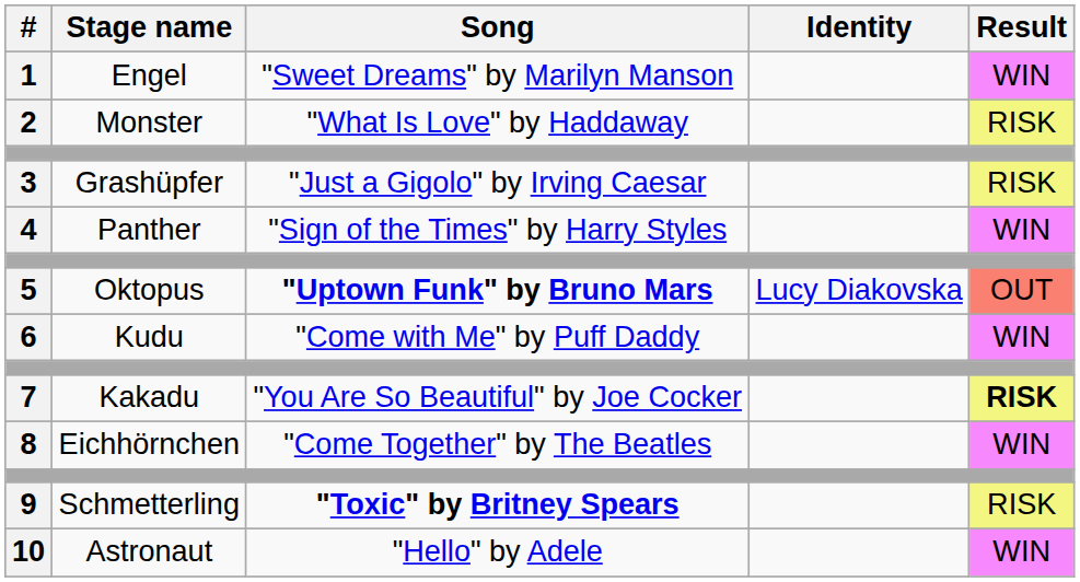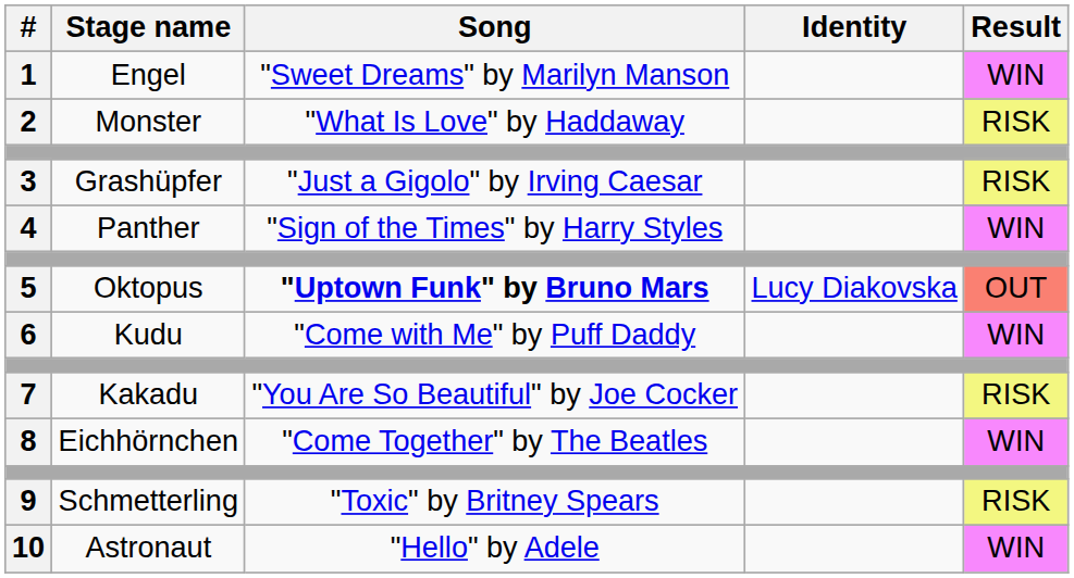 <table class="wikitable plainrowheaders" style="text-align: center;">
 <tr>
 <th>#</th>
 <th>Stage name</th>
 <th>Song</th>
 <th>Identity</th>
 <th>Result</th>
 </tr>
 <tr>
 <th>1</th>
 <td>Engel</td>
 <td>"<a href='#'>Sweet Dreams</a>" by <a href='#'>Marilyn Manson</a></td>
 <td></td>
 <td bgcolor=#F888FD>WIN</td>
 </tr>
 <tr>
 <th>2</th>
 <td>Monster</td>
 <td>"<a href='#'>What Is Love</a>" by <a href='#'>Haddaway</a></td>
 <td></td>
 <td bgcolor="#F3F781">RISK</td>
 </tr>
 <tr>
 <td colspan="5" style="background:darkgray"></td>
 </tr>
 <tr>
 <th>3</th>
 <td>Grashüpfer</td>
 <td>"<a href='#'>Just a Gigolo</a>" by <a href='#'>Irving Caesar</a></td>
 <td></td>
 <td bgcolor="#F3F781">RISK</td>
 </tr>
 <tr>
 <th>4</th>
 <td>Panther</td>
 <td>"<a href='#'>Sign of the Times</a>" by <a href='#'>Harry Styles</a></td>
 <td></td>
 <td bgcolor=#F888FD>WIN</td>
 </tr>
 <tr>
 <td colspan="5" style="background:darkgray"></td>
 </tr>
 <tr>
 <th>5</th>
 <td>Oktopus</td>
 <td><strong>"<a href='#'>Uptown Funk</a>" by <a href='#'>Bruno Mars</a></strong></td>
 <td><a href='#'>Lucy Diakovska</a></td>
 <td bgcolor=salmon>OUT</td>
 </tr>
 <tr>
 <th>6</th>
 <td>Kudu</td>
 <td>"<a href='#'>Come with Me</a>" by <a href='#'>Puff Daddy</a></td>
 <td></td>
 <td bgcolor=#F888FD>WIN</td>
 </tr>
 <tr>
 <td colspan="5" style="background:darkgray"></td>
 </tr>
 <tr>
 <th>7</th>
 <td>Kakadu</td>
 <td>"<a href='#'>You Are So Beautiful</a>" by <a href='#'>Joe Cocker</a></td>
 <td></td>
-<td bgcolor="#F3F781"><strong>RISK</strong></td>
+<td bgcolor="#F3F781">RISK</td>
 </tr>
 <tr>
 <th>8</th>
 <td>Eichhörnchen</td>
 <td>"<a href='#'>Come Together</a>" by <a href='#'>The Beatles</a></td>
 <td></td>
 <td bgcolor=#F888FD>WIN</td>
 </tr>
 <tr>
 <td colspan="5" style="background:darkgray"></td>
 </tr>
 <tr>
 <th>9</th>
 <td>Schmetterling</td>
-<td><strong>"<a href='#'>Toxic</a>" by <a href='#'>Britney Spears</a></strong></td>
+<td>"<a href='#'>Toxic</a>" by <a href='#'>Britney Spears</a></td>
 <td></td>
 <td bgcolor="#F3F781">RISK</td>
 </tr>
 <tr>
 <th>10</th>
 <td>Astronaut</td>
 <td>"<a href='#'>Hello</a>" by <a href='#'>Adele</a></td>
 <td></td>
 <td bgcolor=#F888FD>WIN</td>
 </tr>
 </table>
